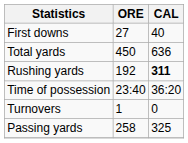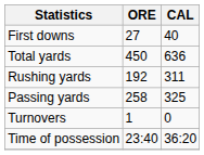 <table class="wikitable">
 <tr>
 <th>Statistics</th>
 <th>ORE</th>
 <th>CAL</th>
 </tr>
 <tr>
 <td>First downs</td>
 <td>27</td>
 <td>40</td>
 </tr>
 <tr>
 <td>Total yards</td>
 <td>450</td>
 <td>636</td>
 </tr>
 <tr>
 <td>Rushing yards</td>
 <td>192</td>
-<td><strong>311</strong></td>
+<td>311</td>
+</tr>
+<tr>
+<td>Passing yards</td>
+<td>258</td>
+<td>325</td>
+</tr>
+<tr>
+<td>Turnovers</td>
+<td>1</td>
+<td>0</td>
 </tr>
 <tr>
 <td>Time of possession</td>
 <td>23:40</td>
 <td>36:20</td>
 </tr>
 <tr>
-<td>Turnovers</td>
-<td>1</td>
-<td>0</td>
-</tr>
-<tr>
-<td>Passing yards</td>
-<td>258</td>
-<td>325</td>
-</tr>
-<tr>
 </tr>
 </table>
